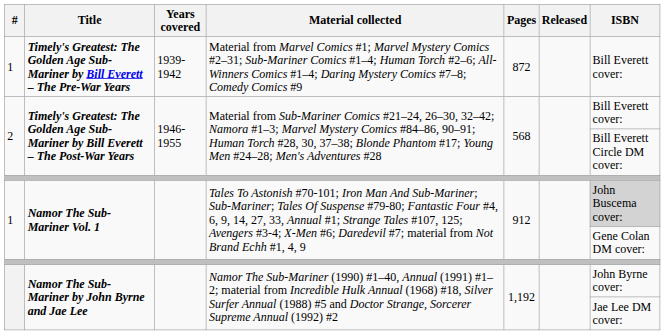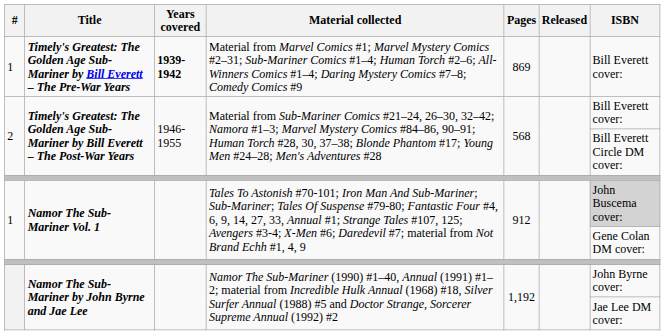 <table class="wikitable sortable" width="99%">
 <tr>
 <th class="unsortable" width="20px">#</th>
 <th>Title</th>
 <th>Years covered</th>
 <th class="unsortable">Material collected</th>
 <th>Pages</th>
 <th>Released</th>
 <th class="unsortable">ISBN</th>
 </tr>
 <tr>
 <td>1</td>
 <td><strong><em>Timely's Greatest: The Golden Age Sub-Mariner by <a href='#'>Bill Everett</a> – The Pre-War Years</em></strong></td>
-<td>1939-1942</td>
+<td><strong>1939-1942</strong></td>
 <td>Material from <em>Marvel Comics</em> #1; <em>Marvel Mystery Comics</em> #2–31; <em>Sub-Mariner Comics</em> #1–4; <em>Human Torch</em> #2–6; <em>All-Winners Comics</em> #1–4; <em>Daring Mystery Comics</em> #7–8; <em>Comedy Comics</em> #9</td>
-<td style="text-align: center;">872</td>
+<td style="text-align: center;">869</td>
 <td></td>
 <td>Bill Everett cover: </td>
 </tr>
 <tr>
 <td rowspan="2">2</td>
 <td rowspan="2"><strong><em>Timely's Greatest: The Golden Age Sub-Mariner by Bill Everett – The Post-War Years</em></strong></td>
 <td rowspan="2">1946-1955</td>
 <td rowspan="2">Material from <em>Sub-Mariner Comics</em> #21–24, 26–30, 32–42; <em>Namora</em> #1–3; <em>Marvel Mystery Comics</em> #84–86, 90–91; <em>Human Torch</em> #28, 30, 37–38; <em>Blonde Phantom</em> #17; <em>Young Men</em> #24–28; <em>Men's Adventures</em> #28</td>
 <td rowspan="2" style="text-align: center;">568</td>
 <td rowspan="2"></td>
 <td>Bill Everett cover: </td>
 </tr>
 <tr>
 <td>Bill Everett Circle DM cover: </td>
 </tr>
 <tr>
 <th colspan="7" style="background-color: silver;"></th>
 </tr>
 <tr>
 <td rowspan=2>1</td>
 <td rowspan=2><strong><em>Namor The Sub-Mariner Vol. 1</em></strong></td>
 <td rowspan=2></td>
 <td rowspan=2><em>Tales To Astonish</em> #70-101; <em>Iron Man And Sub-Mariner</em>; <em>Sub-Mariner</em>; <em>Tales Of Suspense</em> #79-80; <em>Fantastic Four</em> #4, 6, 9, 14, 27, 33, <em>Annual</em> #1; <em>Strange Tales</em> #107, 125; <em>Avengers</em> #3-4; <em>X-Men</em> #6; <em>Daredevil</em> #7; material from <em>Not Brand Echh</em> #1, 4, 9</td>
 <td rowspan=2 style="text-align: center;">912</td>
 <td rowspan=2></td>
 <td style="background: lightgrey;">John Buscema cover: </td>
 </tr>
 <tr>
 <td>Gene Colan DM cover: </td>
 </tr>
 <tr>
 <th colspan=7 style="background-color: silver;"></th>
 </tr>
 <tr>
 <th rowspan=2 style="background-color: light grey;"></th>
 <td rowspan=2><strong><em>Namor The Sub-Mariner by John Byrne and Jae Lee</em></strong></td>
 <td rowspan=2></td>
 <td rowspan=2><em>Namor The Sub-Mariner</em> (1990) #1–40, <em>Annual</em> (1991) #1–2; material from <em>Incredible Hulk Annual</em> (1968) #18, <em>Silver Surfer Annual</em> (1988) #5 and <em>Doctor Strange, Sorcerer Supreme Annual</em> (1992) #2</td>
 <td rowspan=2 style="text-align: center;">1,192</td>
 <td rowspan=2></td>
 <td>John Byrne cover: </td>
 </tr>
 <tr>
 <td>Jae Lee DM cover: </td>
 </tr>
 </table>
